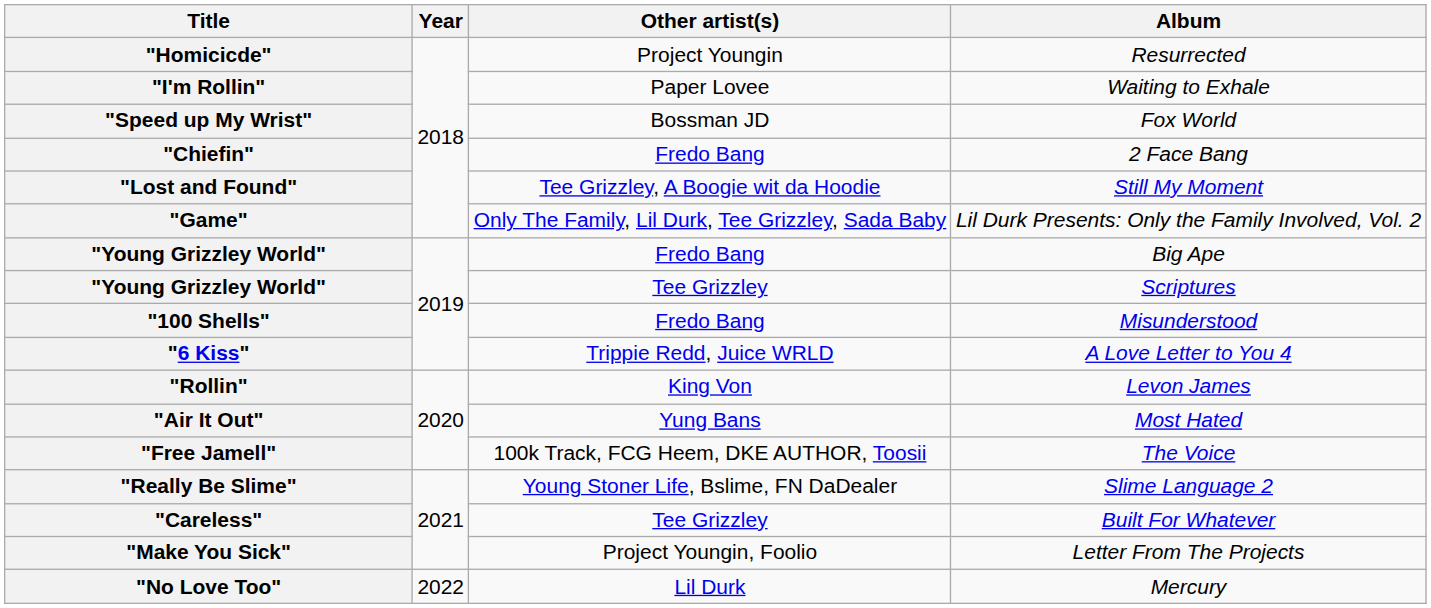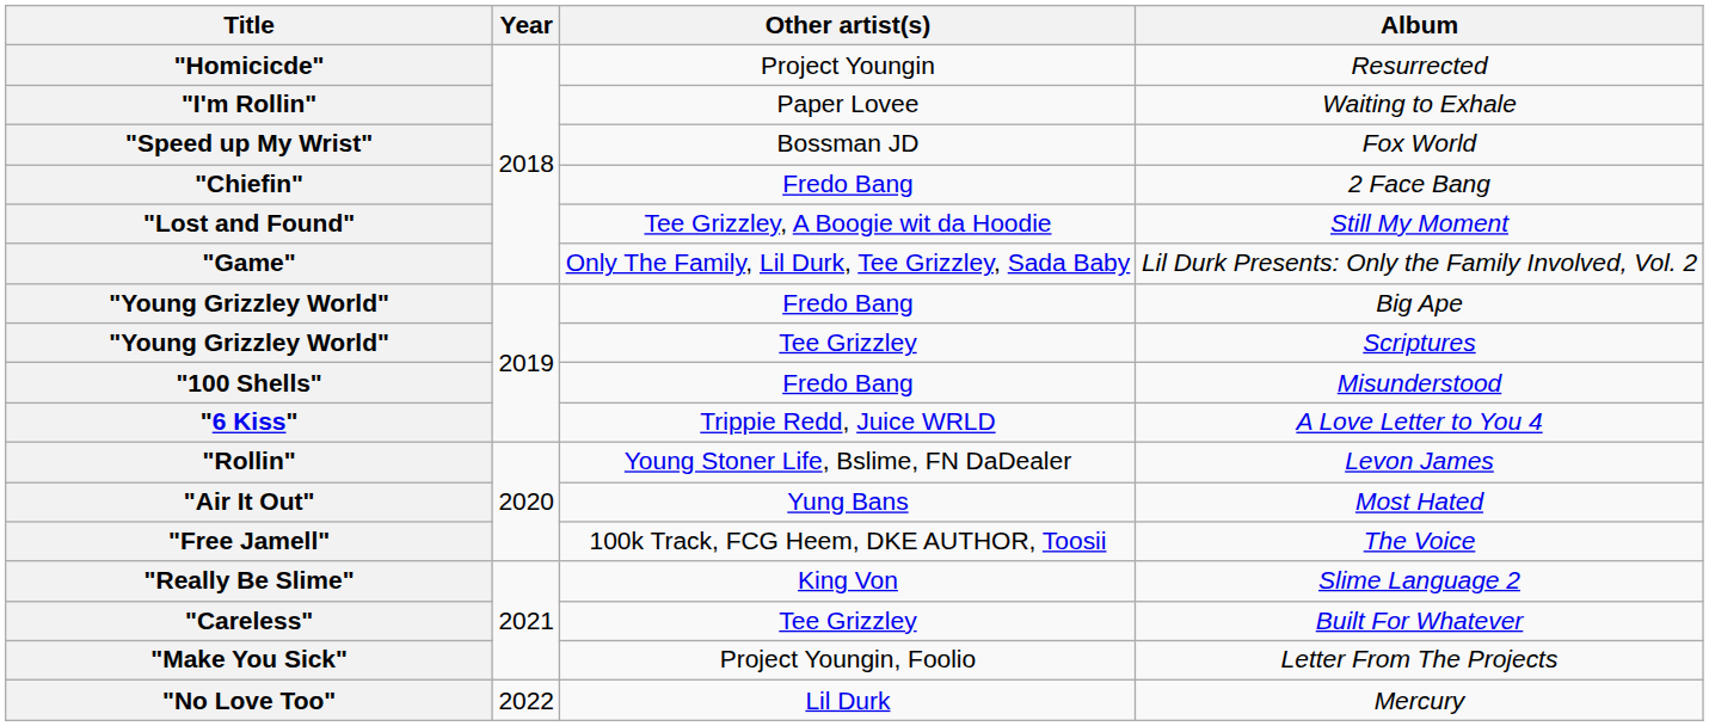 <table class="wikitable plainrowheaders" style="text-align:center;">
 <tr>
 <th scope="col" style="width:19em;">Title</th>
 <th scope="col">Year</th>
 <th scope="col">Other artist(s)</th>
 <th scope="col">Album</th>
 </tr>
 <tr>
 <th scope="row">"Homicicde"</th>
 <td rowspan="6">2018</td>
 <td>Project Youngin</td>
 <td><em>Resurrected</em></td>
 </tr>
 <tr>
 <th scope="row">"I'm Rollin"</th>
 <td>Paper Lovee</td>
 <td><em>Waiting to Exhale</em></td>
 </tr>
 <tr>
 <th scope="row">"Speed up My Wrist"</th>
 <td>Bossman JD</td>
 <td><em>Fox World</em></td>
 </tr>
 <tr>
 <th scope="row">"Chiefin"</th>
 <td><a href='#'>Fredo Bang</a></td>
 <td><em>2 Face Bang</em></td>
 </tr>
 <tr>
 <th scope="row">"Lost and Found"</th>
 <td><a href='#'>Tee Grizzley</a>, <a href='#'>A Boogie wit da Hoodie</a></td>
 <td><em><a href='#'>Still My Moment</a></em></td>
 </tr>
 <tr>
 <th scope="row">"Game"</th>
 <td><a href='#'>Only The Family</a>, <a href='#'>Lil Durk</a>, <a href='#'>Tee Grizzley</a>, <a href='#'>Sada Baby</a></td>
 <td><em>Lil Durk Presents: Only the Family Involved, Vol. 2</em></td>
 </tr>
 <tr>
 <th scope="row">"Young Grizzley World"</th>
 <td rowspan="4">2019</td>
 <td><a href='#'>Fredo Bang</a></td>
 <td><em>Big Ape</em></td>
 </tr>
 <tr>
 <th scope="row">"Young Grizzley World"</th>
 <td><a href='#'>Tee Grizzley</a></td>
 <td><em><a href='#'>Scriptures</a></em></td>
 </tr>
 <tr>
 <th scope="row">"100 Shells"</th>
 <td><a href='#'>Fredo Bang</a></td>
 <td><em><a href='#'>Misunderstood</a></em></td>
 </tr>
 <tr>
 <th scope="row">"<a href='#'>6 Kiss</a>"</th>
 <td><a href='#'>Trippie Redd</a>, <a href='#'>Juice WRLD</a></td>
 <td><em><a href='#'>A Love Letter to You 4</a></em></td>
 </tr>
 <tr>
 <th scope="row">"Rollin"</th>
 <td rowspan="3">2020</td>
-<td><a href='#'>King Von</a></td>
+<td><a href='#'>Young Stoner Life</a>, Bslime, FN DaDealer</td>
 <td><em><a href='#'>Levon James</a></em></td>
 </tr>
 <tr>
 <th scope="row">"Air It Out"</th>
 <td><a href='#'>Yung Bans</a></td>
 <td><em><a href='#'>Most Hated</a></em></td>
 </tr>
 <tr>
 <th scope="row">"Free Jamell"</th>
 <td>100k Track, FCG Heem, DKE AUTHOR, <a href='#'>Toosii</a></td>
 <td><em><a href='#'>The Voice</a></em></td>
 </tr>
 <tr>
 <th scope="row">"Really Be Slime"</th>
 <td rowspan="3">2021</td>
-<td><a href='#'>Young Stoner Life</a>, Bslime, FN DaDealer</td>
+<td><a href='#'>King Von</a></td>
 <td><em><a href='#'>Slime Language 2</a></em></td>
 </tr>
 <tr>
 <th scope="row">"Careless"</th>
 <td><a href='#'>Tee Grizzley</a></td>
 <td><em><a href='#'>Built For Whatever</a></em></td>
 </tr>
 <tr>
 <th scope="row">"Make You Sick"</th>
 <td>Project Youngin, Foolio</td>
 <td><em>Letter From The Projects</em></td>
 </tr>
 <tr>
 <th scope="row">"No Love Too"</th>
 <td rowspan="1">2022</td>
 <td><a href='#'>Lil Durk</a></td>
 <td><em>Mercury</em></td>
 </tr>
 </table>
